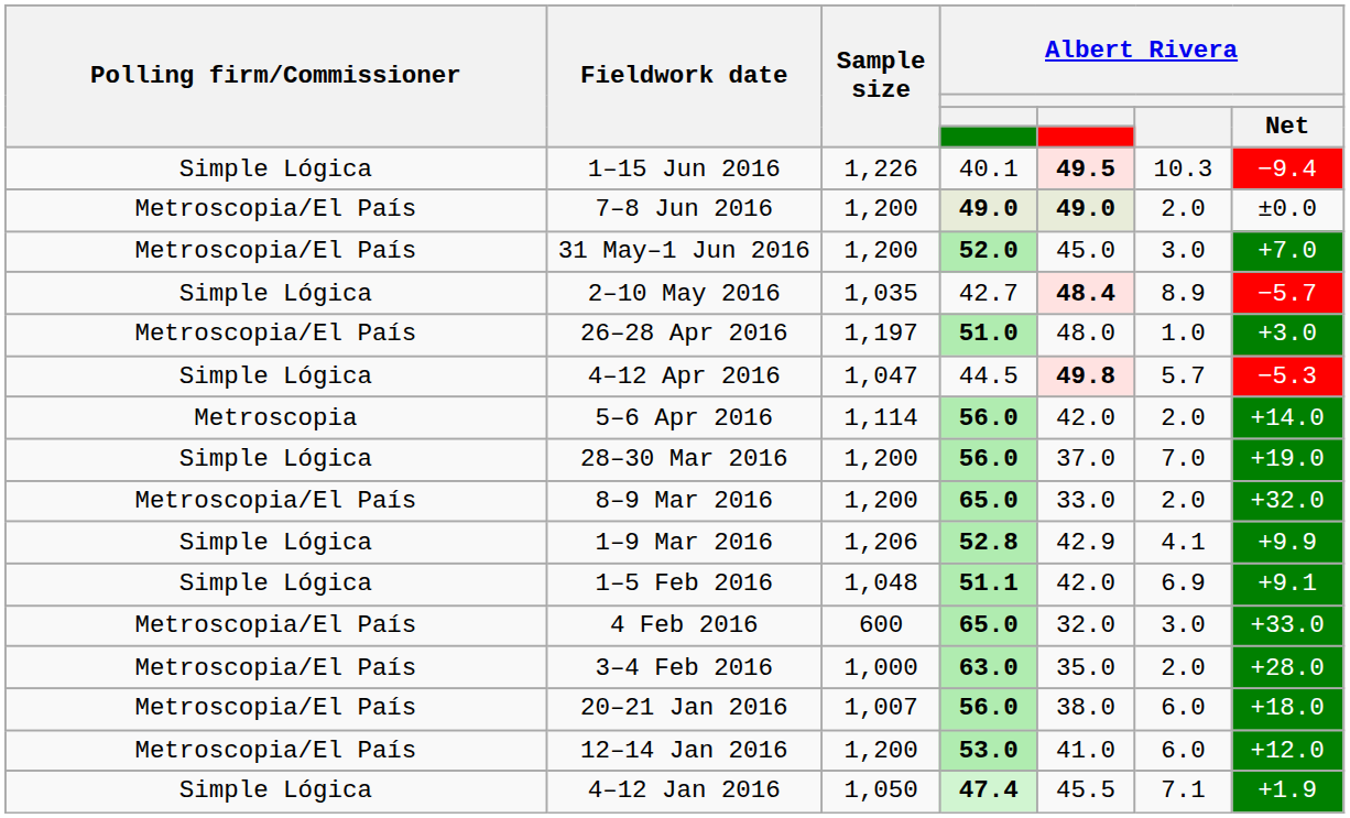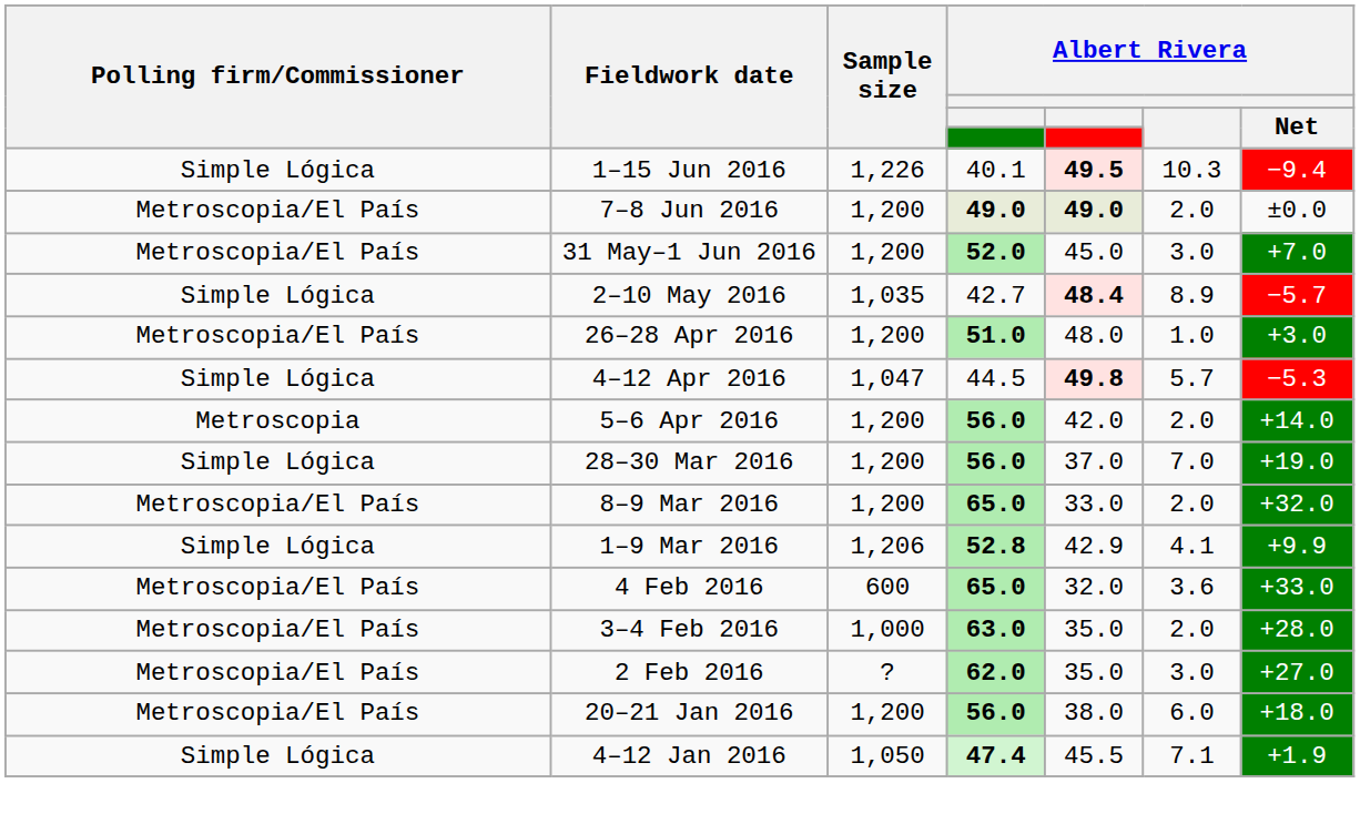 <table class="wikitable collapsible collapsed" style="text-align:center; font-size:90%; line-height:14px;">
 <tr style="height:42px;">
 <th style="width:250px;" rowspan="4">Polling firm/Commissioner</th>
 <th style="width:125px;" rowspan="4">Fieldwork date</th>
 <th style="width:50px;" rowspan="4">Sample size</th>
 <th style="width:185px;" colspan="4"><a href='#'>Albert Rivera</a><br></th>
 </tr>
 <tr>
 <th colspan="4" style="background:"></th>
 </tr>
 <tr>
 <th style="width:30px;"></th>
 <th style="width:30px;"></th>
 <th style="width:30px;" rowspan="2"></th>
 <th style="width:30px;" rowspan="2">Net</th>
 </tr>
 <tr>
 <th style="color:inherit;background:#008000;"></th>
 <th style="color:inherit;background:#FF0000;"></th>
 </tr>
 <tr>
 <td>Simple Lógica</td>
 <td>1–15 Jun 2016</td>
 <td>1,226</td>
 <td>40.1</td>
 <td style="background:#FFE2E1;"><strong>49.5</strong></td>
 <td>10.3</td>
 <td style="background:#FF0000; color:white;">−9.4</td>
 </tr>
 <tr>
 <td>Metroscopia/El País</td>
 <td>7–8 Jun 2016</td>
 <td>1,200</td>
 <td style="background:#E8ECD9;"><strong>49.0</strong></td>
 <td style="background:#E8ECD9;"><strong>49.0</strong></td>
 <td>2.0</td>
 <td>±0.0</td>
 </tr>
 <tr>
 <td>Metroscopia/El País</td>
 <td>31 May–1 Jun 2016</td>
 <td>1,200</td>
 <td style="background:#B0ECB0;"><strong>52.0</strong></td>
 <td>45.0</td>
 <td>3.0</td>
 <td style="background:#008000; color:white;">+7.0</td>
 </tr>
 <tr>
 <td>Simple Lógica</td>
 <td>2–10 May 2016</td>
 <td>1,035</td>
 <td>42.7</td>
 <td style="background:#FFE2E1;"><strong>48.4</strong></td>
 <td>8.9</td>
 <td style="background:#FF0000; color:white;">−5.7</td>
 </tr>
 <tr>
 <td>Metroscopia/El País</td>
 <td>26–28 Apr 2016</td>
-<td>1,197</td>
+<td>1,200</td>
 <td style="background:#B0ECB0;"><strong>51.0</strong></td>
 <td>48.0</td>
 <td>1.0</td>
 <td style="background:#008000; color:white;">+3.0</td>
 </tr>
 <tr>
 <td>Simple Lógica</td>
 <td>4–12 Apr 2016</td>
 <td>1,047</td>
 <td>44.5</td>
 <td style="background:#FFE2E1;"><strong>49.8</strong></td>
 <td>5.7</td>
 <td style="background:#FF0000; color:white;">−5.3</td>
 </tr>
 <tr>
 <td>Metroscopia</td>
 <td>5–6 Apr 2016</td>
-<td>1,114</td>
+<td>1,200</td>
 <td style="background:#B0ECB0;"><strong>56.0</strong></td>
 <td>42.0</td>
 <td>2.0</td>
 <td style="background:#008000; color:white;">+14.0</td>
 </tr>
 <tr>
 <td>Simple Lógica</td>
 <td>28–30 Mar 2016</td>
 <td>1,200</td>
 <td style="background:#B0ECB0;"><strong>56.0</strong></td>
 <td>37.0</td>
 <td>7.0</td>
 <td style="background:#008000; color:white;">+19.0</td>
 </tr>
 <tr>
 <td>Metroscopia/El País</td>
 <td>8–9 Mar 2016</td>
 <td>1,200</td>
 <td style="background:#B0ECB0;"><strong>65.0</strong></td>
 <td>33.0</td>
 <td>2.0</td>
 <td style="background:#008000; color:white;">+32.0</td>
 </tr>
 <tr>
 <td>Simple Lógica</td>
 <td>1–9 Mar 2016</td>
 <td>1,206</td>
 <td style="background:#B0ECB0;"><strong>52.8</strong></td>
 <td>42.9</td>
 <td>4.1</td>
 <td style="background:#008000; color:white;">+9.9</td>
 </tr>
 <tr>
-<td>Simple Lógica</td>
-<td>1–5 Feb 2016</td>
-<td>1,048</td>
-<td style="background:#B0ECB0;"><strong>51.1</strong></td>
-<td>42.0</td>
-<td>6.9</td>
-<td style="background:#008000; color:white;">+9.1</td>
-</tr>
-<tr>
 <td>Metroscopia/El País</td>
 <td>4 Feb 2016</td>
 <td>600</td>
 <td style="background:#B0ECB0;"><strong>65.0</strong></td>
 <td>32.0</td>
-<td>3.0</td>
+<td>3.6</td>
 <td style="background:#008000; color:white;">+33.0</td>
 </tr>
 <tr>
 <td>Metroscopia/El País</td>
 <td>3–4 Feb 2016</td>
 <td>1,000</td>
 <td style="background:#B0ECB0;"><strong>63.0</strong></td>
 <td>35.0</td>
 <td>2.0</td>
 <td style="background:#008000; color:white;">+28.0</td>
 </tr>
 <tr>
 <td>Metroscopia/El País</td>
+<td>2 Feb 2016</td>
+<td>?</td>
+<td style="background:#B0ECB0;"><strong>62.0</strong></td>
+<td>35.0</td>
+<td>3.0</td>
+<td style="background:#008000; color:white;">+27.0</td>
+</tr>
+<tr>
+<td>Metroscopia/El País</td>
 <td>20–21 Jan 2016</td>
-<td>1,007</td>
+<td>1,200</td>
 <td style="background:#B0ECB0;"><strong>56.0</strong></td>
 <td>38.0</td>
 <td>6.0</td>
 <td style="background:#008000; color:white;">+18.0</td>
-</tr>
-<tr>
-<td>Metroscopia/El País</td>
-<td>12–14 Jan 2016</td>
-<td>1,200</td>
-<td style="background:#B0ECB0;"><strong>53.0</strong></td>
-<td>41.0</td>
-<td>6.0</td>
-<td style="background:#008000; color:white;">+12.0</td>
 </tr>
 <tr>
 <td>Simple Lógica</td>
 <td>4–12 Jan 2016</td>
 <td>1,050</td>
 <td style="background:#D1F5D1;"><strong>47.4</strong></td>
 <td>45.5</td>
 <td>7.1</td>
 <td style="background:#008000; color:white;">+1.9</td>
 </tr>
 </table>
